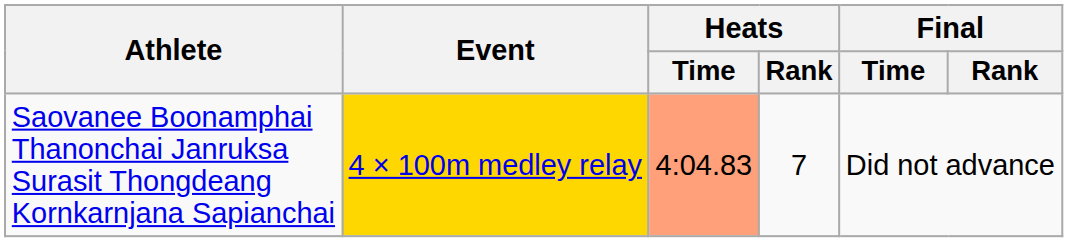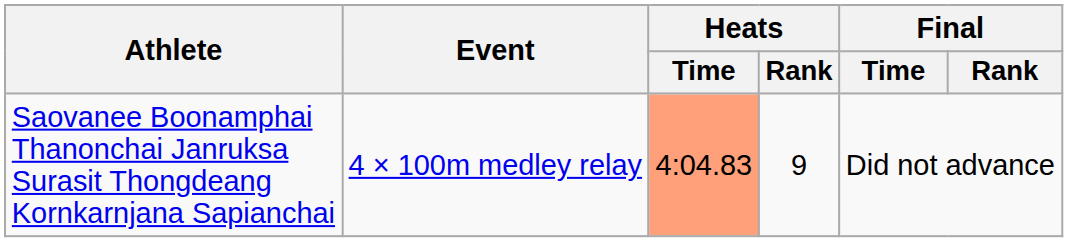 <table class="wikitable" style="font-size:90%;text-align:center">
 <tr>
 <th rowspan="2">Athlete</th>
 <th rowspan="2">Event</th>
 <th colspan="2">Heats</th>
 <th colspan="2">Final</th>
 </tr>
 <tr style="font-size:95%">
 <th>Time</th>
 <th>Rank</th>
 <th>Time</th>
 <th>Rank</th>
 </tr>
 <tr>
 <td align="left"><a href='#'>Saovanee Boonamphai</a><br><a href='#'>Thanonchai Janruksa</a><br><a href='#'>Surasit Thongdeang</a><br><a href='#'>Kornkarnjana Sapianchai</a></td>
-<td align="left" style="background: gold;"><a href='#'>4 × 100m medley relay</a></td>
+<td align="left"><a href='#'>4 × 100m medley relay</a></td>
 <td style="background: lightsalmon;">4:04.83</td>
-<td>7</td>
+<td>9</td>
 <td colspan=2>Did not advance</td>
 </tr>
 </table>
